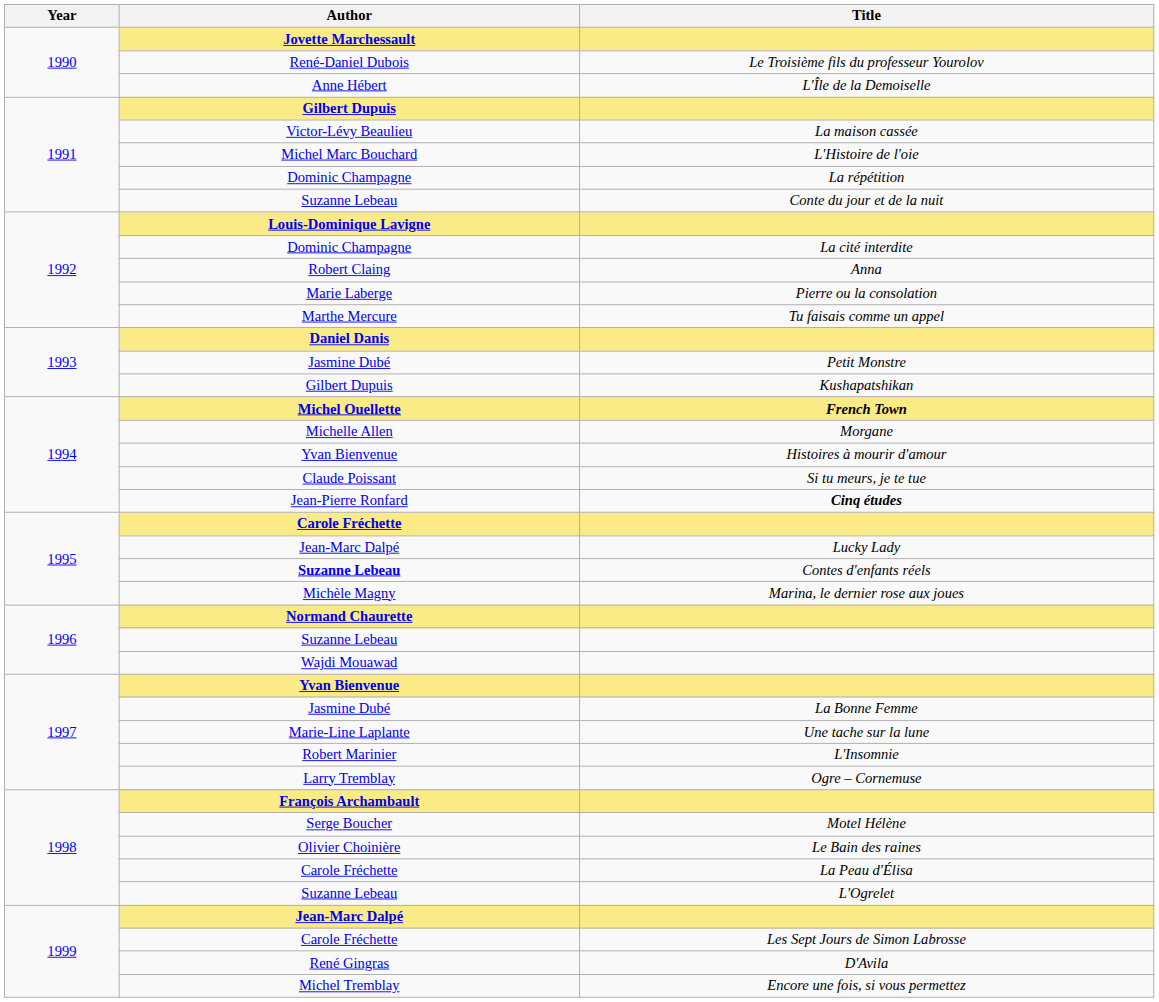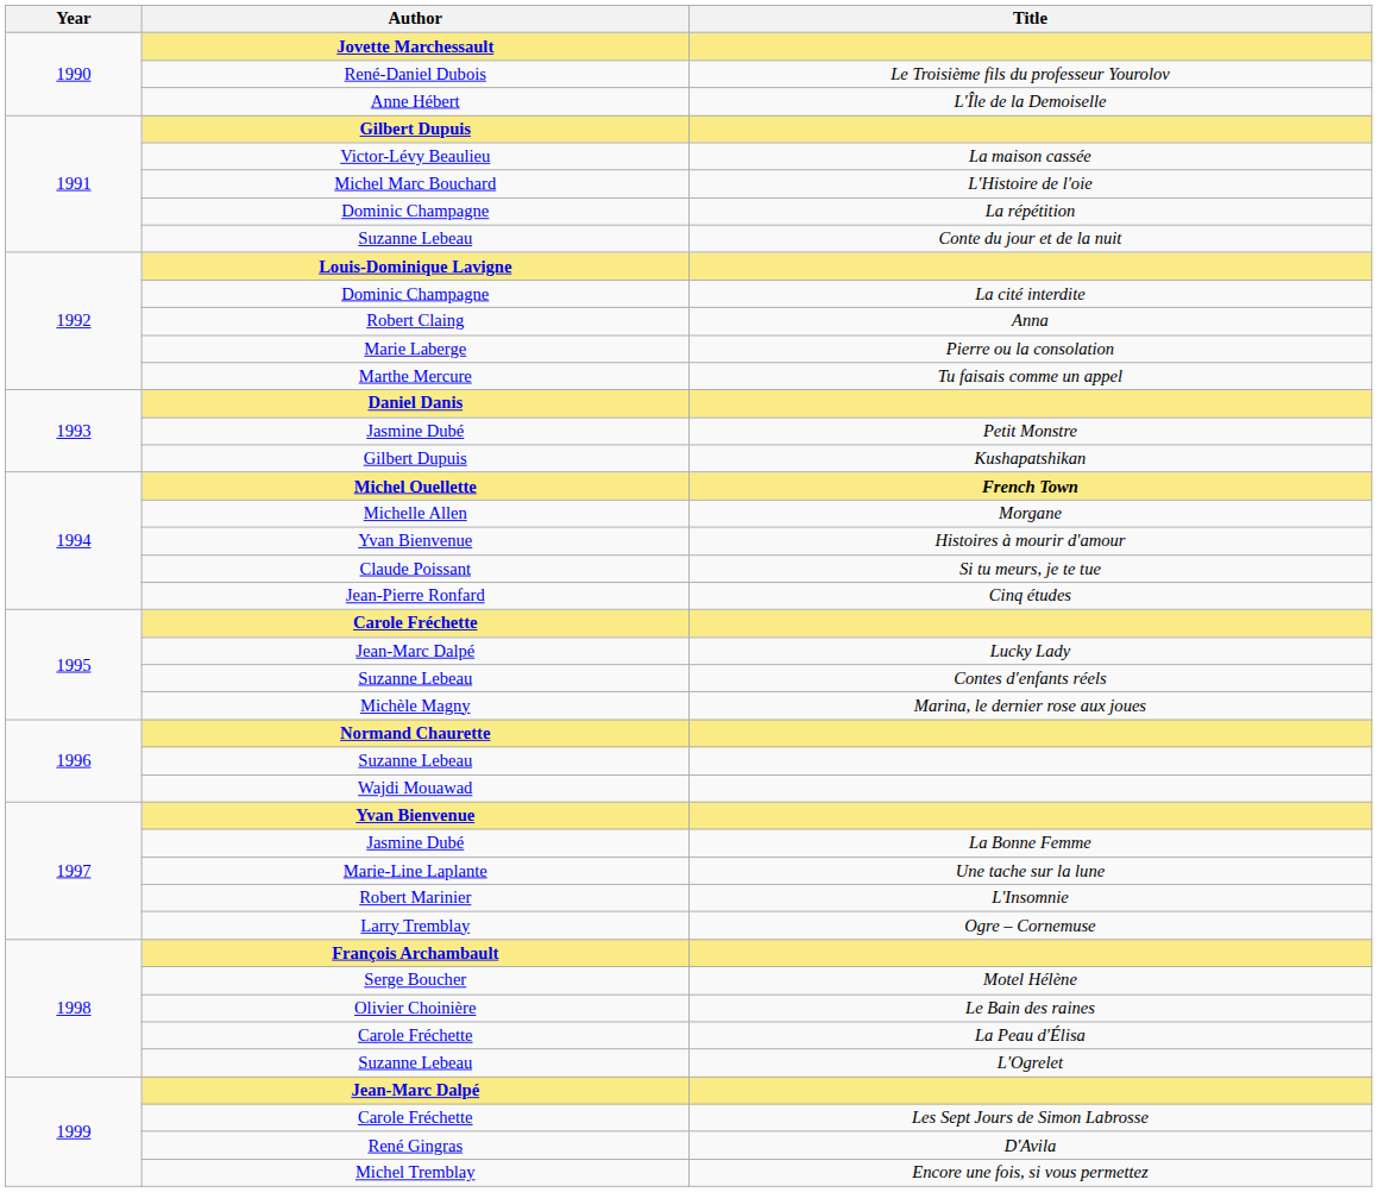 <table class="wikitable" width="100%">
 <tr>
 <th>Year</th>
 <th width="40%">Author</th>
 <th width="50%">Title</th>
 </tr>
 <tr>
 <td align="center" rowspan="3"><a href='#'>1990</a></td>
 <td align="center"  style="background:#FAEB86"><strong><a href='#'>Jovette Marchessault</a></strong></td>
 <td align="center"  style="background:#FAEB86"><strong><em></em></strong></td>
 </tr>
 <tr>
 <td align="center"><a href='#'>René-Daniel Dubois</a></td>
 <td align="center"><em>Le Troisième fils du professeur Yourolov</em></td>
 </tr>
 <tr>
 <td align="center"><a href='#'>Anne Hébert</a></td>
 <td align="center"><em>L'Île de la Demoiselle</em></td>
 </tr>
 <tr>
 <td align="center" rowspan="5"><a href='#'>1991</a></td>
 <td align="center"  style="background:#FAEB86"><strong><a href='#'>Gilbert Dupuis</a></strong></td>
 <td align="center"  style="background:#FAEB86"><strong><em></em></strong></td>
 </tr>
 <tr>
 <td align="center"><a href='#'>Victor-Lévy Beaulieu</a></td>
 <td align="center"><em>La maison cassée</em></td>
 </tr>
 <tr>
 <td align="center"><a href='#'>Michel Marc Bouchard</a></td>
 <td align="center"><em>L'Histoire de l'oie</em></td>
 </tr>
 <tr>
 <td align="center"><a href='#'>Dominic Champagne</a></td>
 <td align="center"><em>La répétition</em></td>
 </tr>
 <tr>
 <td align="center"><a href='#'>Suzanne Lebeau</a></td>
 <td align="center"><em>Conte du jour et de la nuit</em></td>
 </tr>
 <tr>
 <td align="center" rowspan="5"><a href='#'>1992</a></td>
 <td align="center"  style="background:#FAEB86"><strong><a href='#'>Louis-Dominique Lavigne</a></strong></td>
 <td align="center"  style="background:#FAEB86"><strong><em></em></strong></td>
 </tr>
 <tr>
 <td align="center"><a href='#'>Dominic Champagne</a></td>
 <td align="center"><em>La cité interdite</em></td>
 </tr>
 <tr>
 <td align="center"><a href='#'>Robert Claing</a></td>
 <td align="center"><em>Anna</em></td>
 </tr>
 <tr>
 <td align="center"><a href='#'>Marie Laberge</a></td>
 <td align="center"><em>Pierre ou la consolation</em></td>
 </tr>
 <tr>
 <td align="center"><a href='#'>Marthe Mercure</a></td>
 <td align="center"><em>Tu faisais comme un appel</em></td>
 </tr>
 <tr>
 <td align="center" rowspan="3"><a href='#'>1993</a></td>
 <td align="center"  style="background:#FAEB86"><strong><a href='#'>Daniel Danis</a></strong></td>
 <td align="center"  style="background:#FAEB86"><strong><em></em></strong></td>
 </tr>
 <tr>
 <td align="center"><a href='#'>Jasmine Dubé</a></td>
 <td align="center"><em>Petit Monstre</em></td>
 </tr>
 <tr>
 <td align="center"><a href='#'>Gilbert Dupuis</a></td>
 <td align="center"><em>Kushapatshikan</em></td>
 </tr>
 <tr>
 <td align="center" rowspan="5"><a href='#'>1994</a></td>
 <td align="center"  style="background:#FAEB86"><strong><a href='#'>Michel Ouellette</a></strong></td>
 <td align="center"  style="background:#FAEB86"><strong><em>French Town</em></strong></td>
 </tr>
 <tr>
 <td align="center"><a href='#'>Michelle Allen</a></td>
 <td align="center"><em>Morgane</em></td>
 </tr>
 <tr>
 <td align="center"><a href='#'>Yvan Bienvenue</a></td>
 <td align="center"><em>Histoires à mourir d'amour</em></td>
 </tr>
 <tr>
 <td align="center"><a href='#'>Claude Poissant</a></td>
 <td align="center"><em>Si tu meurs, je te tue</em></td>
 </tr>
 <tr>
 <td align="center"><a href='#'>Jean-Pierre Ronfard</a></td>
-<td align="center"><strong><em>Cinq études</em></strong></td>
+<td align="center"><em>Cinq études</em></td>
 </tr>
 <tr>
 <td align="center" rowspan="4"><a href='#'>1995</a></td>
 <td align="center"  style="background:#FAEB86"><strong><a href='#'>Carole Fréchette</a></strong></td>
 <td align="center"  style="background:#FAEB86"><strong><em></em></strong></td>
 </tr>
 <tr>
 <td align="center"><a href='#'>Jean-Marc Dalpé</a></td>
 <td align="center"><em>Lucky Lady</em></td>
 </tr>
 <tr>
-<td align="center"><strong><a href='#'>Suzanne Lebeau</a></strong></td>
+<td align="center"><a href='#'>Suzanne Lebeau</a></td>
 <td align="center"><em>Contes d'enfants réels</em></td>
 </tr>
 <tr>
 <td align="center"><a href='#'>Michèle Magny</a></td>
 <td align="center"><em>Marina, le dernier rose aux joues</em></td>
 </tr>
 <tr>
 <td align="center" rowspan="3"><a href='#'>1996</a></td>
 <td align="center"  style="background:#FAEB86"><strong><a href='#'>Normand Chaurette</a></strong></td>
 <td align="center"  style="background:#FAEB86"><strong><em></em></strong></td>
 </tr>
 <tr>
 <td align="center"><a href='#'>Suzanne Lebeau</a></td>
 <td align="center"><em></em></td>
 </tr>
 <tr>
 <td align="center"><a href='#'>Wajdi Mouawad</a></td>
 <td align="center"><em></em></td>
 </tr>
 <tr>
 <td align="center" rowspan="5"><a href='#'>1997</a></td>
 <td align="center"  style="background:#FAEB86"><strong><a href='#'>Yvan Bienvenue</a></strong></td>
 <td align="center"  style="background:#FAEB86"><strong><em></em></strong></td>
 </tr>
 <tr>
 <td align="center"><a href='#'>Jasmine Dubé</a></td>
 <td align="center"><em>La Bonne Femme</em></td>
 </tr>
 <tr>
 <td align="center"><a href='#'>Marie-Line Laplante</a></td>
 <td align="center"><em>Une tache sur la lune</em></td>
 </tr>
 <tr>
 <td align="center"><a href='#'>Robert Marinier</a></td>
 <td align="center"><em>L'Insomnie</em></td>
 </tr>
 <tr>
 <td align="center"><a href='#'>Larry Tremblay</a></td>
 <td align="center"><em>Ogre – Cornemuse</em></td>
 </tr>
 <tr>
 <td align="center" rowspan="5"><a href='#'>1998</a></td>
 <td align="center"  style="background:#FAEB86"><strong><a href='#'>François Archambault</a></strong></td>
 <td align="center"  style="background:#FAEB86"><strong><em></em></strong></td>
 </tr>
 <tr>
 <td align="center"><a href='#'>Serge Boucher</a></td>
 <td align="center"><em>Motel Hélène</em></td>
 </tr>
 <tr>
 <td align="center"><a href='#'>Olivier Choinière</a></td>
 <td align="center"><em>Le Bain des raines</em></td>
 </tr>
 <tr>
 <td align="center"><a href='#'>Carole Fréchette</a></td>
 <td align="center"><em>La Peau d'Élisa</em></td>
 </tr>
 <tr>
 <td align="center"><a href='#'>Suzanne Lebeau</a></td>
 <td align="center"><em>L'Ogrelet</em></td>
 </tr>
 <tr>
 <td align="center" rowspan="4"><a href='#'>1999</a></td>
 <td align="center"  style="background:#FAEB86"><strong><a href='#'>Jean-Marc Dalpé</a></strong></td>
 <td align="center"  style="background:#FAEB86"><strong><em></em></strong></td>
 </tr>
 <tr>
 <td align="center"><a href='#'>Carole Fréchette</a></td>
 <td align="center"><em>Les Sept Jours de Simon Labrosse</em></td>
 </tr>
 <tr>
 <td align="center"><a href='#'>René Gingras</a></td>
 <td align="center"><em>D'Avila</em></td>
 </tr>
 <tr>
 <td align="center"><a href='#'>Michel Tremblay</a></td>
 <td align="center"><em>Encore une fois, si vous permettez</em></td>
 </tr>
 </table>
